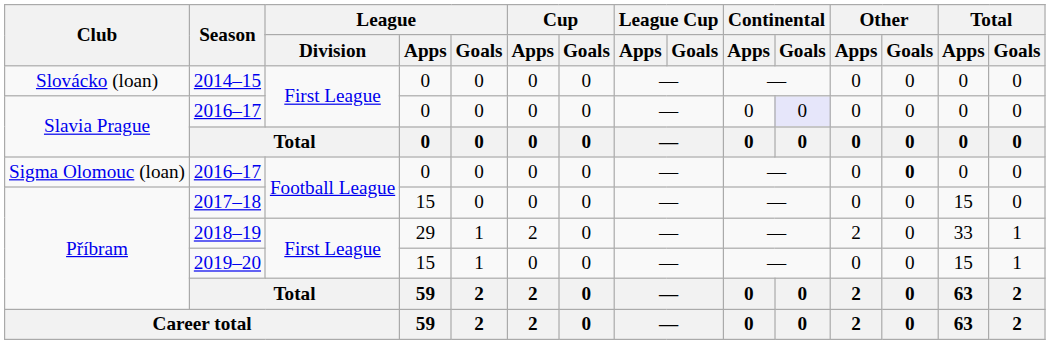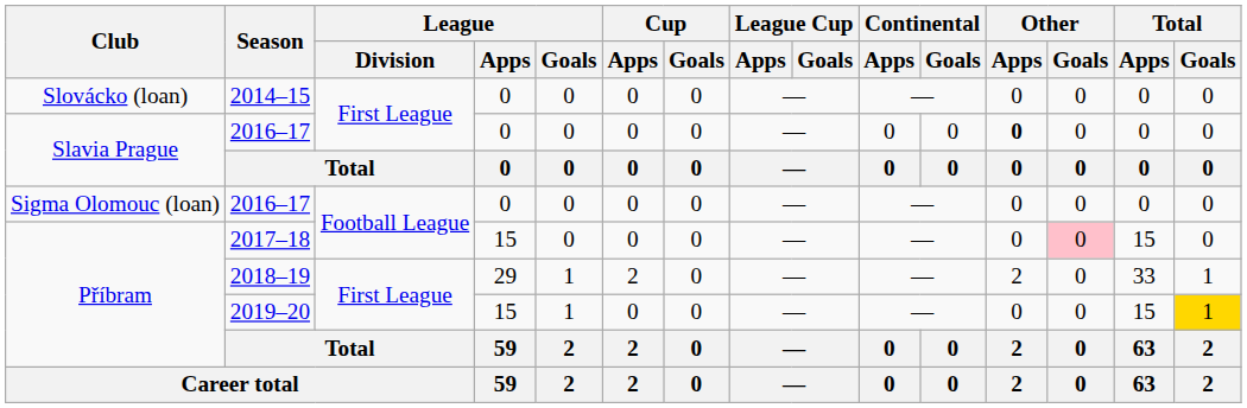 <table class="wikitable" style="text-align:center">
 <tr>
 <th rowspan="2">Club</th>
 <th rowspan="2">Season</th>
 <th colspan="3">League</th>
 <th colspan="2">Cup</th>
 <th colspan="2">League Cup</th>
 <th colspan="2">Continental</th>
 <th colspan="2">Other</th>
 <th colspan="2">Total</th>
 </tr>
 <tr>
 <th>Division</th>
 <th>Apps</th>
 <th>Goals</th>
 <th>Apps</th>
 <th>Goals</th>
 <th>Apps</th>
 <th>Goals</th>
 <th>Apps</th>
 <th>Goals</th>
 <th>Apps</th>
 <th>Goals</th>
 <th>Apps</th>
 <th>Goals</th>
 </tr>
 <tr>
 <td rowspan="1"><a href='#'>Slovácko</a> (loan)</td>
 <td><a href='#'>2014–15</a></td>
 <td rowspan="2"><a href='#'>First League</a></td>
 <td>0</td>
 <td>0</td>
 <td>0</td>
 <td>0</td>
 <td colspan="2">—</td>
 <td colspan="2">—</td>
 <td>0</td>
 <td>0</td>
 <td>0</td>
 <td>0</td>
 </tr>
 <tr>
 <td rowspan="2"><a href='#'>Slavia Prague</a></td>
 <td><a href='#'>2016–17</a></td>
 <td>0</td>
 <td>0</td>
 <td>0</td>
 <td>0</td>
 <td colspan="2">—</td>
 <td>0</td>
-<td style="background: lavender;">0</td>
 <td>0</td>
+<td><strong>0</strong></td>
 <td>0</td>
 <td>0</td>
 <td>0</td>
 </tr>
 <tr>
 <th colspan="2">Total</th>
 <th>0</th>
 <th>0</th>
 <th>0</th>
 <th>0</th>
 <th colspan="2">—</th>
 <th>0</th>
 <th>0</th>
 <th>0</th>
 <th>0</th>
 <th>0</th>
 <th>0</th>
 </tr>
 <tr>
 <td rowspan="1"><a href='#'>Sigma Olomouc</a> (loan)</td>
 <td><a href='#'>2016–17</a></td>
 <td rowspan="2"><a href='#'>Football League</a></td>
 <td>0</td>
 <td>0</td>
 <td>0</td>
 <td>0</td>
 <td colspan="2">—</td>
 <td colspan="2">—</td>
 <td>0</td>
-<td><strong>0</strong></td>
+<td>0</td>
 <td>0</td>
 <td>0</td>
 </tr>
 <tr>
 <td rowspan="4"><a href='#'>Příbram</a></td>
 <td><a href='#'>2017–18</a></td>
 <td>15</td>
 <td>0</td>
 <td>0</td>
 <td>0</td>
 <td colspan="2">—</td>
 <td colspan="2">—</td>
 <td>0</td>
-<td>0</td>
+<td style="background: pink;">0</td>
 <td>15</td>
 <td>0</td>
 </tr>
 <tr>
 <td><a href='#'>2018–19</a></td>
 <td rowspan="2"><a href='#'>First League</a></td>
 <td>29</td>
 <td>1</td>
 <td>2</td>
 <td>0</td>
 <td colspan="2">—</td>
 <td colspan="2">—</td>
 <td>2</td>
 <td>0</td>
 <td>33</td>
 <td>1</td>
 </tr>
 <tr>
 <td><a href='#'>2019–20</a></td>
 <td>15</td>
 <td>1</td>
 <td>0</td>
 <td>0</td>
 <td colspan="2">—</td>
 <td colspan="2">—</td>
 <td>0</td>
 <td>0</td>
 <td>15</td>
-<td>1</td>
+<td style="background: gold;">1</td>
 </tr>
 <tr>
 <th colspan="2">Total</th>
 <th>59</th>
 <th>2</th>
 <th>2</th>
 <th>0</th>
 <th colspan="2">—</th>
 <th>0</th>
 <th>0</th>
 <th>2</th>
 <th>0</th>
 <th>63</th>
 <th>2</th>
 </tr>
 <tr>
 <th colspan="3">Career total</th>
 <th>59</th>
 <th>2</th>
 <th>2</th>
 <th>0</th>
 <th colspan="2">—</th>
 <th>0</th>
 <th>0</th>
 <th>2</th>
 <th>0</th>
 <th>63</th>
 <th>2</th>
 </tr>
 </table>
